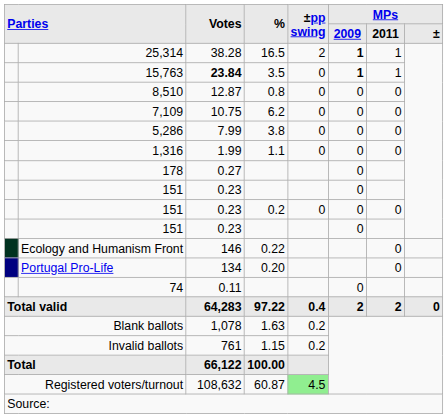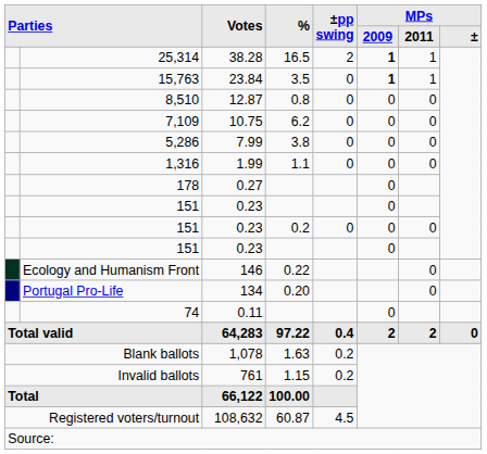 <table class="wikitable" style="text-align:right; font-size:95%;">
 <tr>
 <th rowspan="2" colspan="2" style="background:#e9e9e9; text-align:left;" alignleft><a href='#'>Parties</a></th>
 <th rowspan="2" style="background:#e9e9e9; text-align:right;">Votes</th>
 <th rowspan="2" style="background:#e9e9e9; text-align:right;">%</th>
 <th rowspan="2" style="background:#e9e9e9; text-align:right;">±<a href='#'>pp</a> <a href='#'>swing</a></th>
 <th colspan="3" style="background:#e9e9e9; text-align:center;"><a href='#'>MPs</a></th>
 </tr>
 <tr style="background-color:#E9E9E9">
 <th style="background-color:#E9E9E9;text-align:center;"><a href='#'>2009</a></th>
 <th style="background-color:#E9E9E9;text-align:center;">2011</th>
 <th style="background:#e9e9e9; text-align:right;">±</th>
 </tr>
 <tr>
 <td></td>
 <td>25,314</td>
 <td>38.28</td>
 <td>16.5</td>
 <td>2</td>
 <td><strong>1</strong></td>
 <td>1</td>
 </tr>
 <tr>
 <td></td>
 <td>15,763</td>
-<td><strong>23.84</strong></td>
+<td>23.84</td>
 <td>3.5</td>
 <td>0</td>
 <td><strong>1</strong></td>
 <td>1</td>
 </tr>
 <tr>
 <td></td>
 <td>8,510</td>
 <td>12.87</td>
 <td>0.8</td>
 <td>0</td>
 <td>0</td>
 <td>0</td>
 </tr>
 <tr>
 <td></td>
 <td>7,109</td>
 <td>10.75</td>
 <td>6.2</td>
 <td>0</td>
 <td>0</td>
 <td>0</td>
 </tr>
 <tr>
 <td></td>
 <td>5,286</td>
 <td>7.99</td>
 <td>3.8</td>
 <td>0</td>
 <td>0</td>
 <td>0</td>
 </tr>
 <tr>
 <td></td>
 <td>1,316</td>
 <td>1.99</td>
 <td>1.1</td>
 <td>0</td>
 <td>0</td>
 <td>0</td>
 </tr>
 <tr>
 <td></td>
 <td>178</td>
 <td>0.27</td>
 <td></td>
 <td></td>
 <td>0</td>
 <td></td>
 </tr>
 <tr>
 <td></td>
 <td>151</td>
 <td>0.23</td>
 <td></td>
 <td></td>
 <td>0</td>
 <td></td>
 </tr>
 <tr>
 <td></td>
 <td>151</td>
 <td>0.23</td>
 <td>0.2</td>
 <td>0</td>
 <td>0</td>
 <td>0</td>
 </tr>
 <tr>
 <td></td>
 <td>151</td>
 <td>0.23</td>
 <td></td>
 <td></td>
 <td>0</td>
 <td></td>
 </tr>
 <tr>
 <td style="width:10px;background-color:#013220;text-align:center;"></td>
 <td style="text-align:left;">Ecology and Humanism Front </td>
 <td>146</td>
 <td>0.22</td>
 <td></td>
 <td></td>
 <td>0</td>
 <td></td>
 </tr>
 <tr>
 <td style="width:10px;background-color:#000080;text-align:center;"></td>
 <td style="text-align:left;"><a href='#'>Portugal Pro-Life</a></td>
 <td>134</td>
 <td>0.20</td>
 <td></td>
 <td></td>
 <td>0</td>
 <td></td>
 </tr>
 <tr>
 <td></td>
 <td>74</td>
 <td>0.11</td>
 <td></td>
 <td></td>
 <td>0</td>
 <td></td>
 </tr>
 <tr>
 <td colspan=2 align=left style="background-color:#E9E9E9"><strong>Total valid</strong></td>
 <td width="65" align="right" style="background-color:#E9E9E9"><strong>64,283</strong></td>
 <td width="40" align="right" style="background-color:#E9E9E9"><strong>97.22</strong></td>
 <td width="40" align="right" style="background-color:#E9E9E9"><strong>0.4</strong></td>
 <td width="40" align="right" style="background-color:#E9E9E9"><strong>2</strong></td>
 <td width="40" align="right" style="background-color:#E9E9E9"><strong>2</strong></td>
 <td width="40" align="right" style="background-color:#E9E9E9"><strong>0</strong></td>
 </tr>
 <tr>
 <td colspan=2>Blank ballots</td>
 <td>1,078</td>
 <td>1.63</td>
 <td>0.2</td>
 <td colspan=4 rowspan=4></td>
 </tr>
 <tr>
 <td colspan=2>Invalid ballots</td>
 <td>761</td>
 <td>1.15</td>
 <td>0.2</td>
 </tr>
 <tr>
 <td colspan=2 align=left style="background-color:#E9E9E9"><strong>Total</strong></td>
 <td width="50" align="right" style="background-color:#E9E9E9"><strong>66,122</strong></td>
 <td width="40" align="right" style="background-color:#E9E9E9"><strong>100.00</strong></td>
 <td width="40" align="right" style="background-color:#E9E9E9"></td>
 </tr>
 <tr>
 <td colspan=2>Registered voters/turnout</td>
 <td>108,632</td>
 <td>60.87</td>
-<td style="background: lightgreen;">4.5</td>
+<td>4.5</td>
 </tr>
 <tr>
 <td colspan=11 align=left>Source: </td>
 </tr>
 </table>
